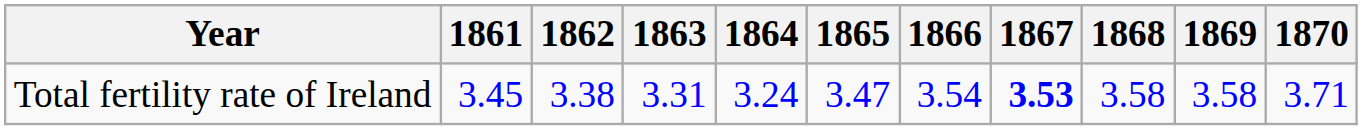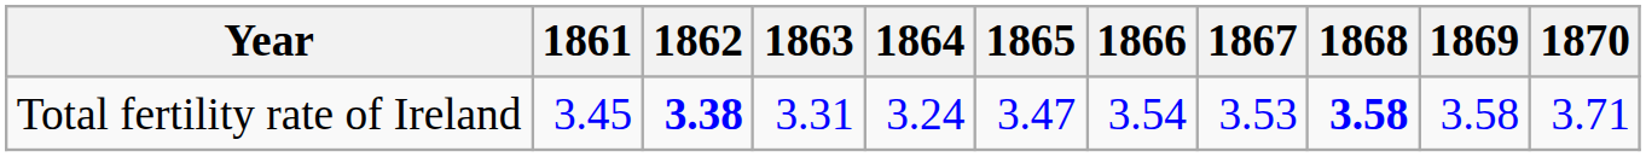 <table class="wikitable " style="text-align:right">
 <tr>
 <th>Year</th>
 <th>1861</th>
 <th>1862</th>
 <th>1863</th>
 <th>1864</th>
 <th>1865</th>
 <th>1866</th>
 <th>1867</th>
 <th>1868</th>
 <th>1869</th>
 <th>1870</th>
 </tr>
 <tr>
 <td align="left">Total fertility rate of Ireland</td>
 <td style="text-align:right; color:blue;">3.45</td>
-<td style="text-align:right; color:blue;">3.38</td>
+<td style="text-align:right; color:blue;"><strong>3.38</strong></td>
 <td style="text-align:right; color:blue;">3.31</td>
 <td style="text-align:right; color:blue;">3.24</td>
 <td style="text-align:right; color:blue;">3.47</td>
 <td style="text-align:right; color:blue;">3.54</td>
-<td style="text-align:right; color:blue;"><strong>3.53</strong></td>
-<td style="text-align:right; color:blue;">3.58</td>
+<td style="text-align:right; color:blue;">3.53</td>
+<td style="text-align:right; color:blue;"><strong>3.58</strong></td>
 <td style="text-align:right; color:blue;">3.58</td>
 <td style="text-align:right; color:blue;">3.71</td>
 </tr>
 </table>
